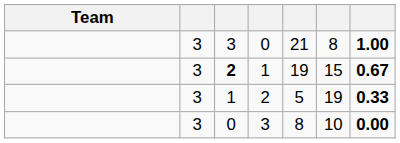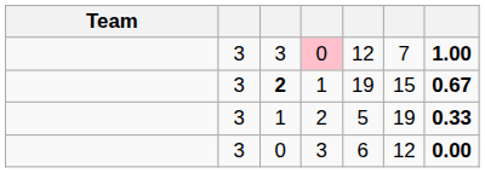 <table class="wikitable" style="text-align: center; font-size:100% ">
 <tr>
 <th width="160">Team</th>
 <th width="25"></th>
 <th width="25"></th>
 <th width="25"></th>
 <th width="25"></th>
 <th width="25"></th>
 <th width="35"></th>
 </tr>
 <tr>
 <td align="left"></td>
 <td>3</td>
 <td>3</td>
-<td>0</td>
-<td>21</td>
-<td>8</td>
+<td style="background: pink;">0</td>
+<td>12</td>
+<td>7</td>
 <td><strong>1.00</strong></td>
 </tr>
 <tr>
 <td align="left"></td>
 <td>3</td>
 <td><strong>2</strong></td>
 <td>1</td>
 <td>19</td>
 <td>15</td>
 <td><strong>0.67</strong></td>
 </tr>
 <tr>
 <td align="left"></td>
 <td>3</td>
 <td>1</td>
 <td>2</td>
 <td>5</td>
 <td>19</td>
 <td><strong>0.33</strong></td>
 </tr>
 <tr>
 <td align="left"></td>
 <td>3</td>
 <td>0</td>
 <td>3</td>
-<td>8</td>
-<td>10</td>
+<td>6</td>
+<td>12</td>
 <td><strong>0.00</strong></td>
 </tr>
 </table>
